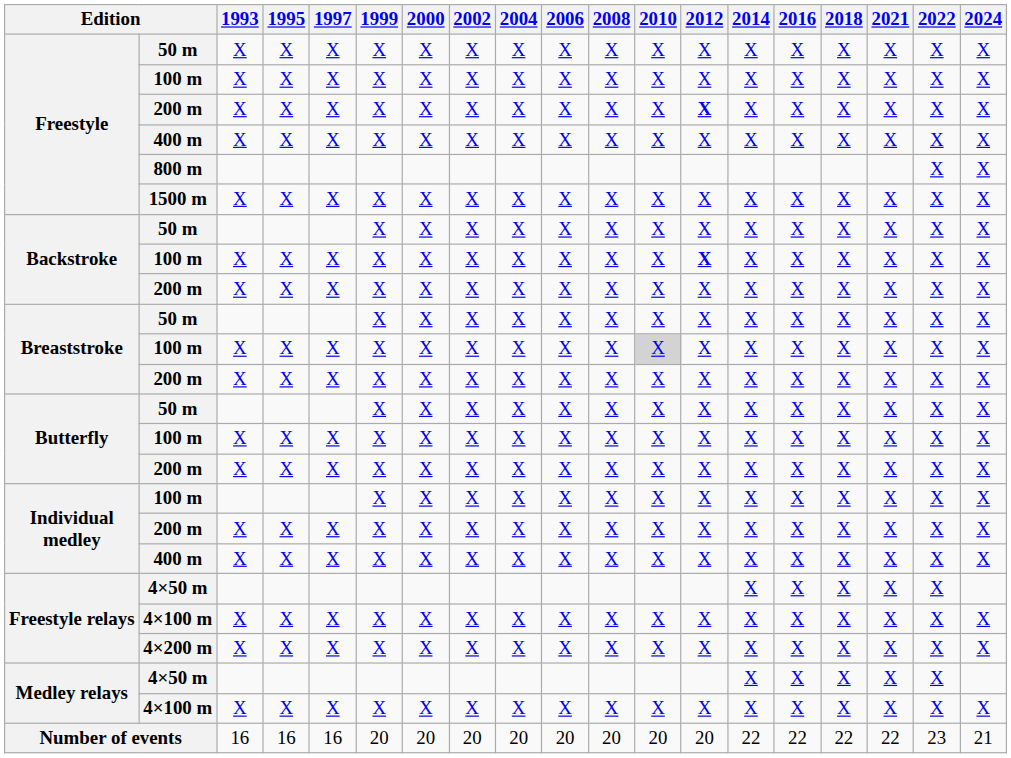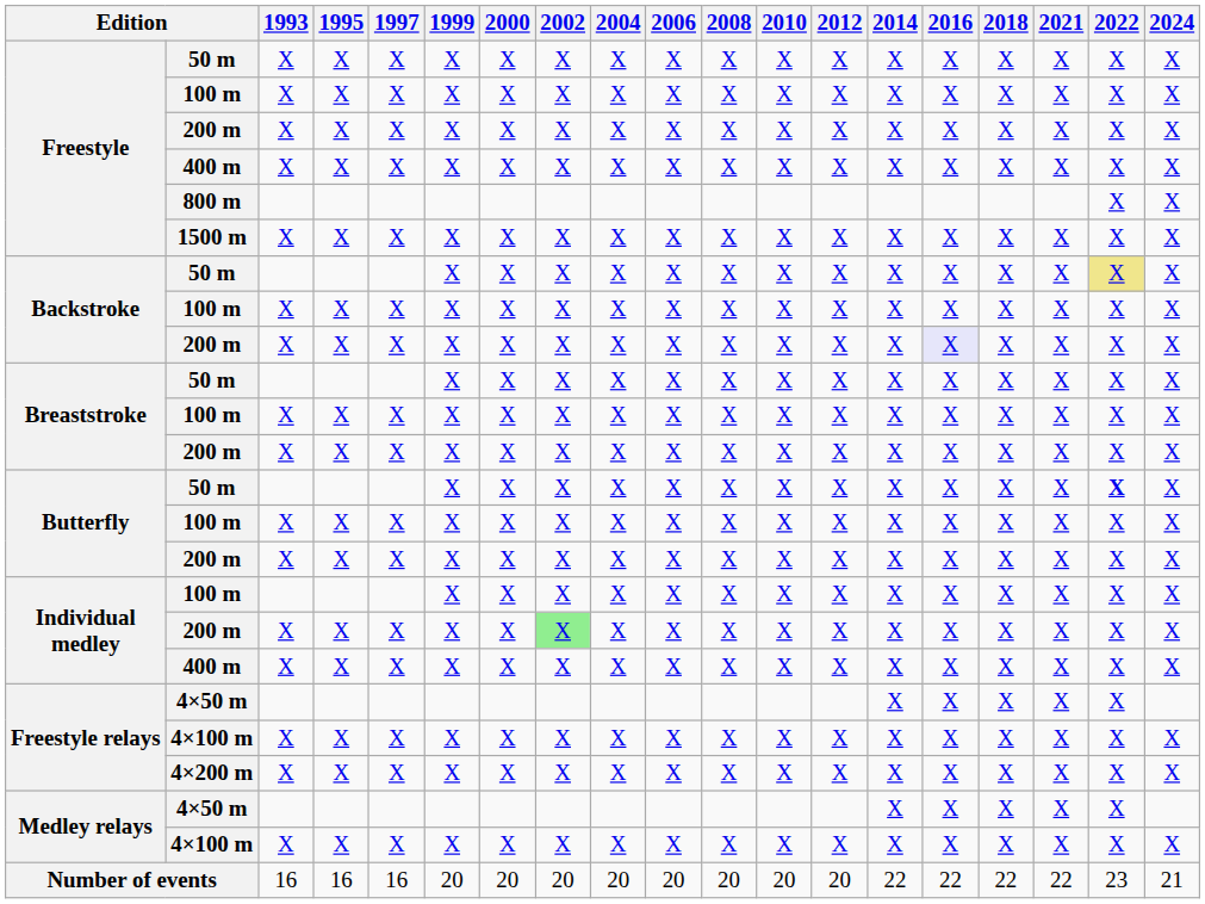 <table class="wikitable" style="text-size:95%; text-align:center">
 <tr>
 <th colspan="2">Edition</th>
 <th><a href='#'>1993</a></th>
 <th><a href='#'>1995</a></th>
 <th><a href='#'>1997</a></th>
 <th><a href='#'>1999</a></th>
 <th><a href='#'>2000</a></th>
 <th><a href='#'>2002</a></th>
 <th><a href='#'>2004</a></th>
 <th><a href='#'>2006</a></th>
 <th><a href='#'>2008</a></th>
 <th><a href='#'>2010</a></th>
 <th><a href='#'>2012</a></th>
 <th><a href='#'>2014</a></th>
 <th><a href='#'>2016</a></th>
 <th><a href='#'>2018</a></th>
 <th><a href='#'>2021</a></th>
 <th><a href='#'>2022</a></th>
 <th><a href='#'>2024</a></th>
 </tr>
 <tr>
 <th rowspan="6">Freestyle</th>
 <th>50 m</th>
 <td><a href='#'>X</a></td>
 <td><a href='#'>X</a></td>
 <td><a href='#'>X</a></td>
 <td><a href='#'>X</a></td>
 <td><a href='#'>X</a></td>
 <td><a href='#'>X</a></td>
 <td><a href='#'>X</a></td>
 <td><a href='#'>X</a></td>
 <td><a href='#'>X</a></td>
 <td><a href='#'>X</a></td>
 <td><a href='#'>X</a></td>
 <td><a href='#'>X</a></td>
 <td><a href='#'>X</a></td>
 <td><a href='#'>X</a></td>
 <td><a href='#'>X</a></td>
 <td><a href='#'>X</a></td>
 <td><a href='#'>X</a></td>
 </tr>
 <tr>
 <th>100 m</th>
 <td><a href='#'>X</a></td>
 <td><a href='#'>X</a></td>
 <td><a href='#'>X</a></td>
 <td><a href='#'>X</a></td>
 <td><a href='#'>X</a></td>
 <td><a href='#'>X</a></td>
 <td><a href='#'>X</a></td>
 <td><a href='#'>X</a></td>
 <td><a href='#'>X</a></td>
 <td><a href='#'>X</a></td>
 <td><a href='#'>X</a></td>
 <td><a href='#'>X</a></td>
 <td><a href='#'>X</a></td>
 <td><a href='#'>X</a></td>
 <td><a href='#'>X</a></td>
 <td><a href='#'>X</a></td>
 <td><a href='#'>X</a></td>
 </tr>
 <tr>
 <th>200 m</th>
 <td><a href='#'>X</a></td>
 <td><a href='#'>X</a></td>
 <td><a href='#'>X</a></td>
 <td><a href='#'>X</a></td>
 <td><a href='#'>X</a></td>
 <td><a href='#'>X</a></td>
 <td><a href='#'>X</a></td>
 <td><a href='#'>X</a></td>
 <td><a href='#'>X</a></td>
 <td><a href='#'>X</a></td>
-<td><strong><a href='#'>X</a></strong></td>
+<td><a href='#'>X</a></td>
 <td><a href='#'>X</a></td>
 <td><a href='#'>X</a></td>
 <td><a href='#'>X</a></td>
 <td><a href='#'>X</a></td>
 <td><a href='#'>X</a></td>
 <td><a href='#'>X</a></td>
 </tr>
 <tr>
 <th>400 m</th>
 <td><a href='#'>X</a></td>
 <td><a href='#'>X</a></td>
 <td><a href='#'>X</a></td>
 <td><a href='#'>X</a></td>
 <td><a href='#'>X</a></td>
 <td><a href='#'>X</a></td>
 <td><a href='#'>X</a></td>
 <td><a href='#'>X</a></td>
 <td><a href='#'>X</a></td>
 <td><a href='#'>X</a></td>
 <td><a href='#'>X</a></td>
 <td><a href='#'>X</a></td>
 <td><a href='#'>X</a></td>
 <td><a href='#'>X</a></td>
 <td><a href='#'>X</a></td>
 <td><a href='#'>X</a></td>
 <td><a href='#'>X</a></td>
 </tr>
 <tr>
 <th>800 m</th>
 <td></td>
 <td></td>
 <td></td>
 <td></td>
 <td></td>
 <td></td>
 <td></td>
 <td></td>
 <td></td>
 <td></td>
 <td></td>
 <td></td>
 <td></td>
 <td></td>
 <td></td>
 <td><a href='#'>X</a></td>
 <td><a href='#'>X</a></td>
 </tr>
 <tr>
 <th>1500 m</th>
 <td><a href='#'>X</a></td>
 <td><a href='#'>X</a></td>
 <td><a href='#'>X</a></td>
 <td><a href='#'>X</a></td>
 <td><a href='#'>X</a></td>
 <td><a href='#'>X</a></td>
 <td><a href='#'>X</a></td>
 <td><a href='#'>X</a></td>
 <td><a href='#'>X</a></td>
 <td><a href='#'>X</a></td>
 <td><a href='#'>X</a></td>
 <td><a href='#'>X</a></td>
 <td><a href='#'>X</a></td>
 <td><a href='#'>X</a></td>
 <td><a href='#'>X</a></td>
 <td><a href='#'>X</a></td>
 <td><a href='#'>X</a></td>
 </tr>
 <tr>
 <th rowspan="3">Backstroke</th>
 <th>50 m</th>
 <td></td>
 <td></td>
 <td></td>
 <td><a href='#'>X</a></td>
 <td><a href='#'>X</a></td>
 <td><a href='#'>X</a></td>
 <td><a href='#'>X</a></td>
 <td><a href='#'>X</a></td>
 <td><a href='#'>X</a></td>
 <td><a href='#'>X</a></td>
 <td><a href='#'>X</a></td>
 <td><a href='#'>X</a></td>
 <td><a href='#'>X</a></td>
 <td><a href='#'>X</a></td>
 <td><a href='#'>X</a></td>
-<td><a href='#'>X</a></td>
+<td style="background: khaki;"><a href='#'>X</a></td>
 <td><a href='#'>X</a></td>
 </tr>
 <tr>
 <th>100 m</th>
 <td><a href='#'>X</a></td>
 <td><a href='#'>X</a></td>
 <td><a href='#'>X</a></td>
 <td><a href='#'>X</a></td>
 <td><a href='#'>X</a></td>
 <td><a href='#'>X</a></td>
 <td><a href='#'>X</a></td>
 <td><a href='#'>X</a></td>
 <td><a href='#'>X</a></td>
 <td><a href='#'>X</a></td>
-<td><strong><a href='#'>X</a></strong></td>
+<td><a href='#'>X</a></td>
 <td><a href='#'>X</a></td>
 <td><a href='#'>X</a></td>
 <td><a href='#'>X</a></td>
 <td><a href='#'>X</a></td>
 <td><a href='#'>X</a></td>
 <td><a href='#'>X</a></td>
 </tr>
 <tr>
 <th>200 m</th>
 <td><a href='#'>X</a></td>
 <td><a href='#'>X</a></td>
 <td><a href='#'>X</a></td>
 <td><a href='#'>X</a></td>
 <td><a href='#'>X</a></td>
 <td><a href='#'>X</a></td>
 <td><a href='#'>X</a></td>
 <td><a href='#'>X</a></td>
 <td><a href='#'>X</a></td>
 <td><a href='#'>X</a></td>
 <td><a href='#'>X</a></td>
 <td><a href='#'>X</a></td>
-<td><a href='#'>X</a></td>
+<td style="background: lavender;"><a href='#'>X</a></td>
 <td><a href='#'>X</a></td>
 <td><a href='#'>X</a></td>
 <td><a href='#'>X</a></td>
 <td><a href='#'>X</a></td>
 </tr>
 <tr>
 <th rowspan="3">Breaststroke</th>
 <th>50 m</th>
 <td></td>
 <td></td>
 <td></td>
 <td><a href='#'>X</a></td>
 <td><a href='#'>X</a></td>
 <td><a href='#'>X</a></td>
 <td><a href='#'>X</a></td>
 <td><a href='#'>X</a></td>
 <td><a href='#'>X</a></td>
 <td><a href='#'>X</a></td>
 <td><a href='#'>X</a></td>
 <td><a href='#'>X</a></td>
 <td><a href='#'>X</a></td>
 <td><a href='#'>X</a></td>
 <td><a href='#'>X</a></td>
 <td><a href='#'>X</a></td>
 <td><a href='#'>X</a></td>
 </tr>
 <tr>
 <th>100 m</th>
 <td><a href='#'>X</a></td>
 <td><a href='#'>X</a></td>
 <td><a href='#'>X</a></td>
 <td><a href='#'>X</a></td>
 <td><a href='#'>X</a></td>
 <td><a href='#'>X</a></td>
 <td><a href='#'>X</a></td>
 <td><a href='#'>X</a></td>
 <td><a href='#'>X</a></td>
-<td style="background: lightgrey;"><a href='#'>X</a></td>
+<td><a href='#'>X</a></td>
 <td><a href='#'>X</a></td>
 <td><a href='#'>X</a></td>
 <td><a href='#'>X</a></td>
 <td><a href='#'>X</a></td>
 <td><a href='#'>X</a></td>
 <td><a href='#'>X</a></td>
 <td><a href='#'>X</a></td>
 </tr>
 <tr>
 <th>200 m</th>
 <td><a href='#'>X</a></td>
 <td><a href='#'>X</a></td>
 <td><a href='#'>X</a></td>
 <td><a href='#'>X</a></td>
 <td><a href='#'>X</a></td>
 <td><a href='#'>X</a></td>
 <td><a href='#'>X</a></td>
 <td><a href='#'>X</a></td>
 <td><a href='#'>X</a></td>
 <td><a href='#'>X</a></td>
 <td><a href='#'>X</a></td>
 <td><a href='#'>X</a></td>
 <td><a href='#'>X</a></td>
 <td><a href='#'>X</a></td>
 <td><a href='#'>X</a></td>
 <td><a href='#'>X</a></td>
 <td><a href='#'>X</a></td>
 </tr>
 <tr>
 <th rowspan="3">Butterfly</th>
 <th>50 m</th>
 <td></td>
 <td></td>
 <td></td>
 <td><a href='#'>X</a></td>
 <td><a href='#'>X</a></td>
 <td><a href='#'>X</a></td>
 <td><a href='#'>X</a></td>
 <td><a href='#'>X</a></td>
 <td><a href='#'>X</a></td>
 <td><a href='#'>X</a></td>
 <td><a href='#'>X</a></td>
 <td><a href='#'>X</a></td>
 <td><a href='#'>X</a></td>
 <td><a href='#'>X</a></td>
 <td><a href='#'>X</a></td>
-<td><a href='#'>X</a></td>
+<td><strong><a href='#'>X</a></strong></td>
 <td><a href='#'>X</a></td>
 </tr>
 <tr>
 <th>100 m</th>
 <td><a href='#'>X</a></td>
 <td><a href='#'>X</a></td>
 <td><a href='#'>X</a></td>
 <td><a href='#'>X</a></td>
 <td><a href='#'>X</a></td>
 <td><a href='#'>X</a></td>
 <td><a href='#'>X</a></td>
 <td><a href='#'>X</a></td>
 <td><a href='#'>X</a></td>
 <td><a href='#'>X</a></td>
 <td><a href='#'>X</a></td>
 <td><a href='#'>X</a></td>
 <td><a href='#'>X</a></td>
 <td><a href='#'>X</a></td>
 <td><a href='#'>X</a></td>
 <td><a href='#'>X</a></td>
 <td><a href='#'>X</a></td>
 </tr>
 <tr>
 <th>200 m</th>
 <td><a href='#'>X</a></td>
 <td><a href='#'>X</a></td>
 <td><a href='#'>X</a></td>
 <td><a href='#'>X</a></td>
 <td><a href='#'>X</a></td>
 <td><a href='#'>X</a></td>
 <td><a href='#'>X</a></td>
 <td><a href='#'>X</a></td>
 <td><a href='#'>X</a></td>
 <td><a href='#'>X</a></td>
 <td><a href='#'>X</a></td>
 <td><a href='#'>X</a></td>
 <td><a href='#'>X</a></td>
 <td><a href='#'>X</a></td>
 <td><a href='#'>X</a></td>
 <td><a href='#'>X</a></td>
 <td><a href='#'>X</a></td>
 </tr>
 <tr>
 <th rowspan="3">Individual<br>medley</th>
 <th>100 m</th>
 <td></td>
 <td></td>
 <td></td>
 <td><a href='#'>X</a></td>
 <td><a href='#'>X</a></td>
 <td><a href='#'>X</a></td>
 <td><a href='#'>X</a></td>
 <td><a href='#'>X</a></td>
 <td><a href='#'>X</a></td>
 <td><a href='#'>X</a></td>
 <td><a href='#'>X</a></td>
 <td><a href='#'>X</a></td>
 <td><a href='#'>X</a></td>
 <td><a href='#'>X</a></td>
 <td><a href='#'>X</a></td>
 <td><a href='#'>X</a></td>
 <td><a href='#'>X</a></td>
 </tr>
 <tr>
 <th>200 m</th>
 <td><a href='#'>X</a></td>
 <td><a href='#'>X</a></td>
 <td><a href='#'>X</a></td>
 <td><a href='#'>X</a></td>
 <td><a href='#'>X</a></td>
-<td><a href='#'>X</a></td>
+<td style="background: lightgreen;"><a href='#'>X</a></td>
 <td><a href='#'>X</a></td>
 <td><a href='#'>X</a></td>
 <td><a href='#'>X</a></td>
 <td><a href='#'>X</a></td>
 <td><a href='#'>X</a></td>
 <td><a href='#'>X</a></td>
 <td><a href='#'>X</a></td>
 <td><a href='#'>X</a></td>
 <td><a href='#'>X</a></td>
 <td><a href='#'>X</a></td>
 <td><a href='#'>X</a></td>
 </tr>
 <tr>
 <th>400 m</th>
 <td><a href='#'>X</a></td>
 <td><a href='#'>X</a></td>
 <td><a href='#'>X</a></td>
 <td><a href='#'>X</a></td>
 <td><a href='#'>X</a></td>
 <td><a href='#'>X</a></td>
 <td><a href='#'>X</a></td>
 <td><a href='#'>X</a></td>
 <td><a href='#'>X</a></td>
 <td><a href='#'>X</a></td>
 <td><a href='#'>X</a></td>
 <td><a href='#'>X</a></td>
 <td><a href='#'>X</a></td>
 <td><a href='#'>X</a></td>
 <td><a href='#'>X</a></td>
 <td><a href='#'>X</a></td>
 <td><a href='#'>X</a></td>
 </tr>
 <tr>
 <th rowspan="3">Freestyle relays</th>
 <th>4×50 m</th>
 <td></td>
 <td></td>
 <td></td>
 <td></td>
 <td></td>
 <td></td>
 <td></td>
 <td></td>
 <td></td>
 <td></td>
 <td></td>
 <td><a href='#'>X</a></td>
 <td><a href='#'>X</a></td>
 <td><a href='#'>X</a></td>
 <td><a href='#'>X</a></td>
 <td><a href='#'>X</a></td>
 <td></td>
 </tr>
 <tr>
 <th>4×100 m</th>
 <td><a href='#'>X</a></td>
 <td><a href='#'>X</a></td>
 <td><a href='#'>X</a></td>
 <td><a href='#'>X</a></td>
 <td><a href='#'>X</a></td>
 <td><a href='#'>X</a></td>
 <td><a href='#'>X</a></td>
 <td><a href='#'>X</a></td>
 <td><a href='#'>X</a></td>
 <td><a href='#'>X</a></td>
 <td><a href='#'>X</a></td>
 <td><a href='#'>X</a></td>
 <td><a href='#'>X</a></td>
 <td><a href='#'>X</a></td>
 <td><a href='#'>X</a></td>
 <td><a href='#'>X</a></td>
 <td><a href='#'>X</a></td>
 </tr>
 <tr>
 <th>4×200 m</th>
 <td><a href='#'>X</a></td>
 <td><a href='#'>X</a></td>
 <td><a href='#'>X</a></td>
 <td><a href='#'>X</a></td>
 <td><a href='#'>X</a></td>
 <td><a href='#'>X</a></td>
 <td><a href='#'>X</a></td>
 <td><a href='#'>X</a></td>
 <td><a href='#'>X</a></td>
 <td><a href='#'>X</a></td>
 <td><a href='#'>X</a></td>
 <td><a href='#'>X</a></td>
 <td><a href='#'>X</a></td>
 <td><a href='#'>X</a></td>
 <td><a href='#'>X</a></td>
 <td><a href='#'>X</a></td>
 <td><a href='#'>X</a></td>
 </tr>
 <tr>
 <th rowspan="2">Medley relays</th>
 <th>4×50 m</th>
 <td></td>
 <td></td>
 <td></td>
 <td></td>
 <td></td>
 <td></td>
 <td></td>
 <td></td>
 <td></td>
 <td></td>
 <td></td>
 <td><a href='#'>X</a></td>
 <td><a href='#'>X</a></td>
 <td><a href='#'>X</a></td>
 <td><a href='#'>X</a></td>
 <td><a href='#'>X</a></td>
 <td></td>
 </tr>
 <tr>
 <th>4×100 m</th>
 <td><a href='#'>X</a></td>
 <td><a href='#'>X</a></td>
 <td><a href='#'>X</a></td>
 <td><a href='#'>X</a></td>
 <td><a href='#'>X</a></td>
 <td><a href='#'>X</a></td>
 <td><a href='#'>X</a></td>
 <td><a href='#'>X</a></td>
 <td><a href='#'>X</a></td>
 <td><a href='#'>X</a></td>
 <td><a href='#'>X</a></td>
 <td><a href='#'>X</a></td>
 <td><a href='#'>X</a></td>
 <td><a href='#'>X</a></td>
 <td><a href='#'>X</a></td>
 <td><a href='#'>X</a></td>
 <td><a href='#'>X</a></td>
 </tr>
 <tr>
 <th colspan="2">Number of events</th>
 <td>16</td>
 <td>16</td>
 <td>16</td>
 <td>20</td>
 <td>20</td>
 <td>20</td>
 <td>20</td>
 <td>20</td>
 <td>20</td>
 <td>20</td>
 <td>20</td>
 <td>22</td>
 <td>22</td>
 <td>22</td>
 <td>22</td>
 <td>23</td>
 <td>21</td>
 </tr>
 </table>
